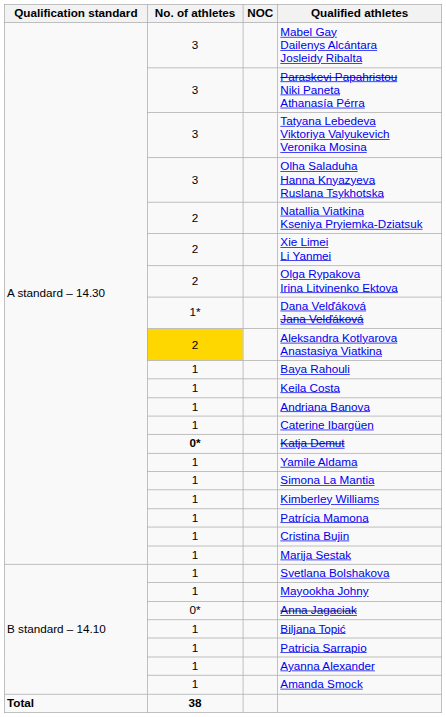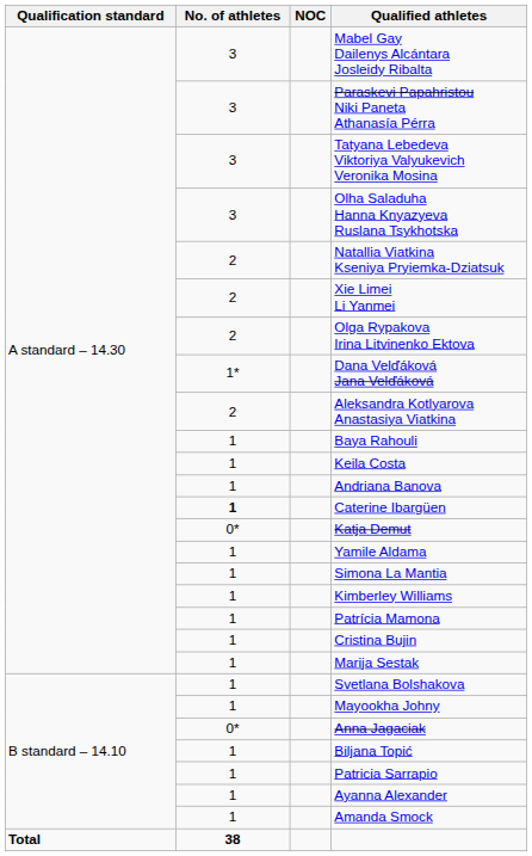 <table class="wikitable"  style="text-align:left; width:600px;">
 <tr>
 <th>Qualification standard</th>
 <th>No. of athletes</th>
 <th>NOC</th>
 <th>Qualified athletes</th>
 </tr>
 <tr>
 <td rowspan="20">A standard – 14.30</td>
 <td align=center>3</td>
 <td></td>
 <td><a href='#'>Mabel Gay</a><br><a href='#'>Dailenys Alcántara</a><br><a href='#'>Josleidy Ribalta</a></td>
 </tr>
 <tr>
 <td align=center>3</td>
 <td></td>
 <td><s><a href='#'>Paraskevi Papahristou</a></s><br><a href='#'>Niki Paneta</a><br><a href='#'>Athanasía Pérra</a></td>
 </tr>
 <tr>
 <td align=center>3</td>
 <td></td>
 <td><a href='#'>Tatyana Lebedeva</a><br><a href='#'>Viktoriya Valyukevich</a><br><a href='#'>Veronika Mosina</a></td>
 </tr>
 <tr>
 <td align=center>3</td>
 <td></td>
 <td><a href='#'>Olha Saladuha</a><br><a href='#'>Hanna Knyazyeva</a><br><a href='#'>Ruslana Tsykhotska</a></td>
 </tr>
 <tr>
 <td align=center>2</td>
 <td></td>
 <td><a href='#'>Natallia Viatkina</a><br><a href='#'>Kseniya Pryiemka-Dziatsuk</a></td>
 </tr>
 <tr>
 <td align=center>2</td>
 <td></td>
 <td><a href='#'>Xie Limei</a><br><a href='#'>Li Yanmei</a></td>
 </tr>
 <tr>
 <td align=center>2</td>
 <td></td>
 <td><a href='#'>Olga Rypakova</a><br><a href='#'>Irina Litvinenko Ektova</a></td>
 </tr>
 <tr>
 <td align=center>1*</td>
 <td></td>
 <td><a href='#'>Dana Velďáková</a><br><s><a href='#'>Jana Velďáková</a></s></td>
 </tr>
 <tr>
-<td align=center style="background: gold;">2</td>
+<td align=center>2</td>
 <td></td>
 <td><a href='#'>Aleksandra Kotlyarova</a><br><a href='#'>Anastasiya Viatkina</a></td>
 </tr>
 <tr>
 <td align=center>1</td>
 <td></td>
 <td><a href='#'>Baya Rahouli</a></td>
 </tr>
 <tr>
 <td align=center>1</td>
 <td></td>
 <td><a href='#'>Keila Costa</a></td>
 </tr>
 <tr>
 <td align=center>1</td>
 <td></td>
 <td><a href='#'>Andriana Banova</a></td>
 </tr>
 <tr>
-<td align=center>1</td>
+<td align=center><strong>1</strong></td>
 <td></td>
 <td><a href='#'>Caterine Ibargüen</a></td>
 </tr>
 <tr>
-<td align=center><strong>0*</strong></td>
+<td align=center>0*</td>
 <td></td>
 <td><s><a href='#'>Katja Demut</a></s></td>
 </tr>
 <tr>
 <td align=center>1</td>
 <td></td>
 <td><a href='#'>Yamile Aldama</a></td>
 </tr>
 <tr>
 <td align=center>1</td>
 <td></td>
 <td><a href='#'>Simona La Mantia</a></td>
 </tr>
 <tr>
 <td align=center>1</td>
 <td></td>
 <td><a href='#'>Kimberley Williams</a></td>
 </tr>
 <tr>
 <td align=center>1</td>
 <td></td>
 <td><a href='#'>Patrícia Mamona</a></td>
 </tr>
 <tr>
 <td align=center>1</td>
 <td></td>
 <td><a href='#'>Cristina Bujin</a></td>
 </tr>
 <tr>
 <td align=center>1</td>
 <td></td>
 <td><a href='#'>Marija Sestak</a></td>
 </tr>
 <tr>
 <td rowspan="7">B standard – 14.10</td>
 <td align=center>1</td>
 <td></td>
 <td><a href='#'>Svetlana Bolshakova</a></td>
 </tr>
 <tr>
 <td align=center>1</td>
 <td></td>
 <td><a href='#'>Mayookha Johny</a></td>
 </tr>
 <tr>
 <td align=center>0*</td>
 <td></td>
 <td><s><a href='#'>Anna Jagaciak</a></s></td>
 </tr>
 <tr>
 <td align=center>1</td>
 <td></td>
 <td><a href='#'>Biljana Topić</a></td>
 </tr>
 <tr>
 <td align=center>1</td>
 <td></td>
 <td><a href='#'>Patricia Sarrapio</a></td>
 </tr>
 <tr>
 <td align=center>1</td>
 <td></td>
 <td><a href='#'>Ayanna Alexander</a></td>
 </tr>
 <tr>
 <td align=center>1</td>
 <td></td>
 <td><a href='#'>Amanda Smock</a></td>
 </tr>
 <tr>
 <td><strong>Total</strong></td>
 <td align=center><strong>38</strong></td>
 <td></td>
 <td></td>
 </tr>
 </table>
